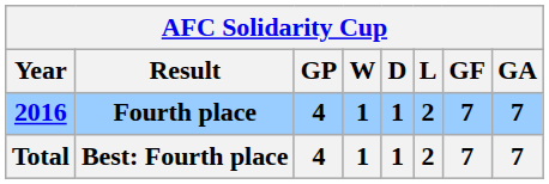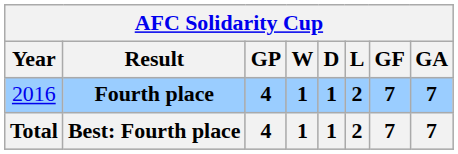 <table class="wikitable" style="text-align: center;font-size:90%;">
 <tr>
 <th colspan=8><a href='#'>AFC Solidarity Cup</a></th>
 </tr>
 <tr>
 <th>Year</th>
 <th>Result</th>
 <th>GP</th>
 <th>W</th>
 <th>D</th>
 <th>L</th>
 <th>GF</th>
 <th>GA</th>
 </tr>
 <tr style="background:#9acdff;">
-<td><strong> <a href='#'>2016</a></strong></td>
+<td> <a href='#'>2016</a></td>
 <td><strong>Fourth place</strong></td>
 <td><strong>4</strong></td>
 <td><strong>1</strong></td>
 <td><strong>1</strong></td>
 <td><strong>2</strong></td>
 <td><strong>7</strong></td>
 <td><strong>7</strong></td>
 </tr>
 <tr>
 <th><strong>Total</strong></th>
 <th><strong>Best: Fourth place</strong></th>
 <th>4</th>
 <th>1</th>
 <th>1</th>
 <th>2</th>
 <th>7</th>
 <th>7</th>
 </tr>
 </table>
